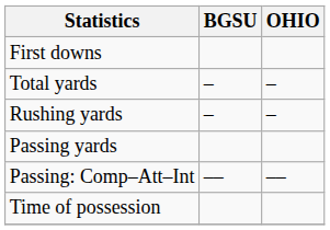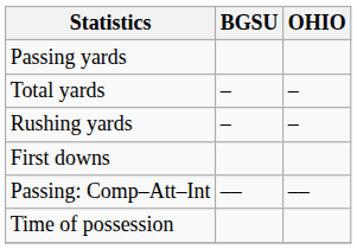 <table class="wikitable" style="float:left">
 <tr>
 <th>Statistics</th>
 <th>BGSU</th>
 <th>OHIO</th>
 </tr>
 <tr>
-<td>First downs</td>
+<td>Passing yards</td>
 <td></td>
 <td></td>
 </tr>
 <tr>
 <td>Total yards</td>
 <td>–</td>
 <td>–</td>
 </tr>
 <tr>
 <td>Rushing yards</td>
 <td>–</td>
 <td>–</td>
 </tr>
 <tr>
-<td>Passing yards</td>
+<td>First downs</td>
 <td></td>
 <td></td>
 </tr>
 <tr>
 <td>Passing: Comp–Att–Int</td>
 <td>––</td>
 <td>––</td>
 </tr>
 <tr>
 <td>Time of possession</td>
 <td></td>
 <td></td>
 </tr>
 <tr>
 </tr>
 </table>
